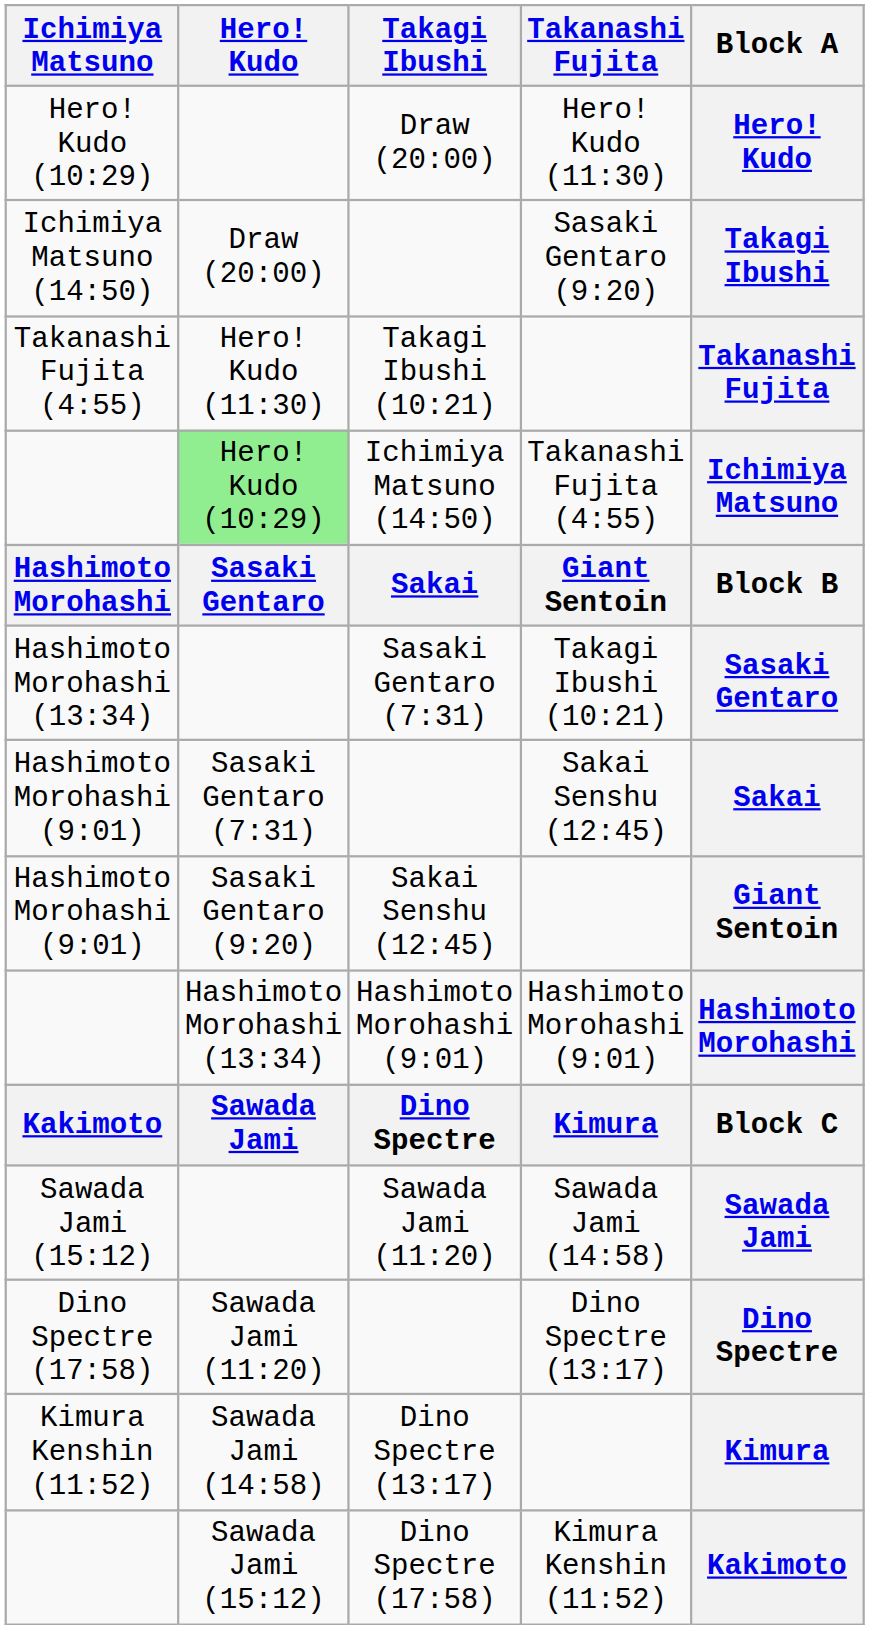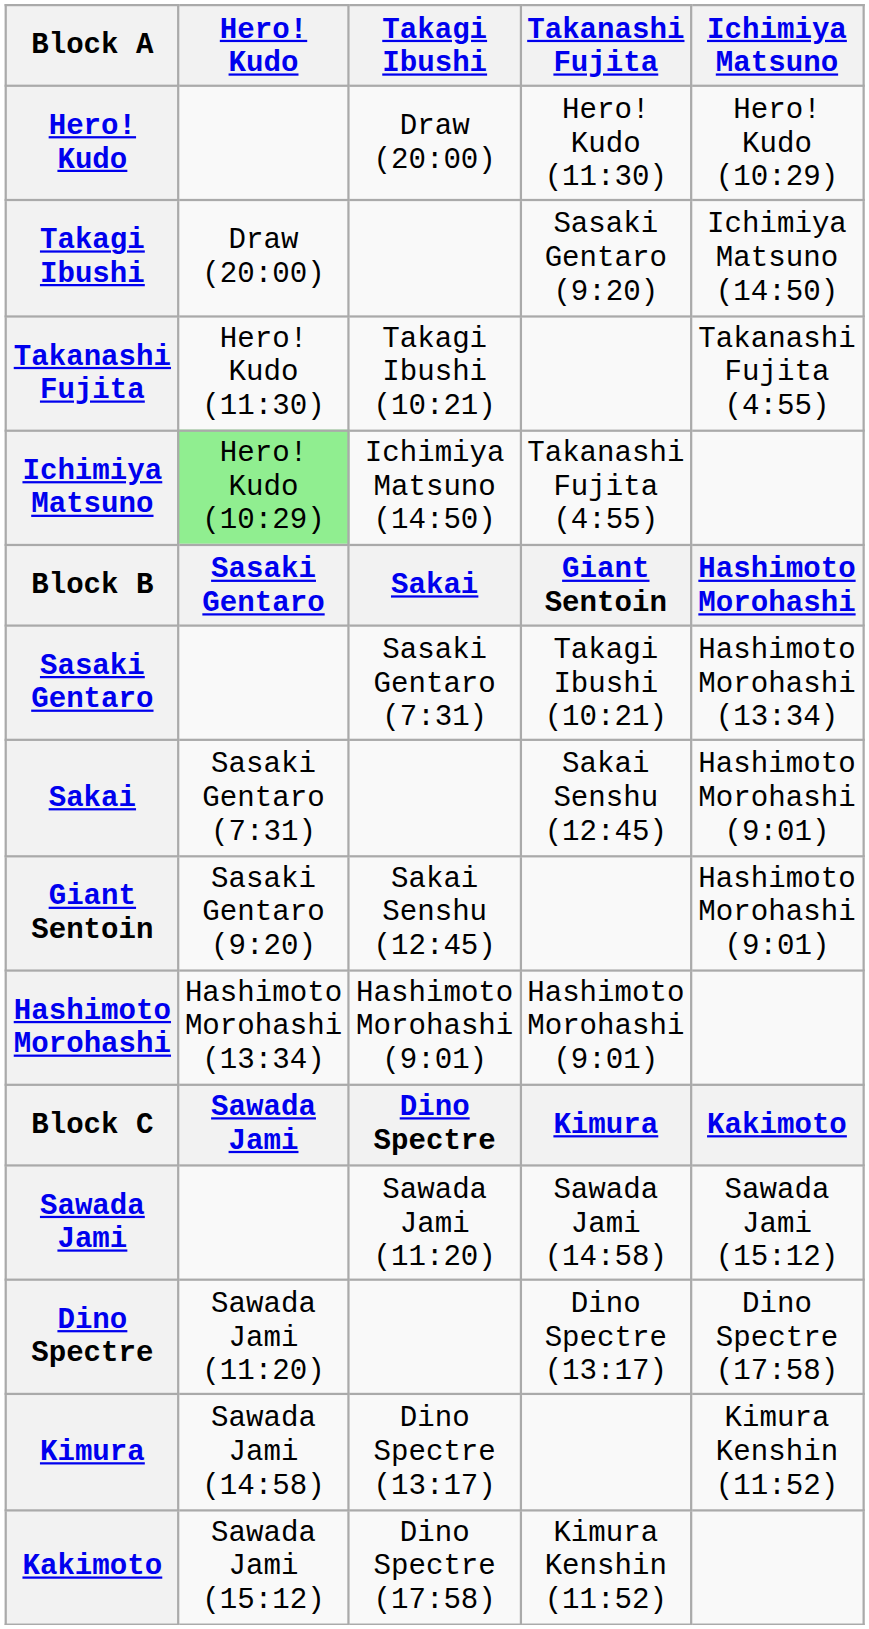 <table class="wikitable" style="margin: 1em auto 1em auto">
 <tr>
-<th><a href='#'>Ichimiya</a><br><a href='#'>Matsuno</a></th>
+<th>Block A</th>
 <th><a href='#'>Hero!</a><br><a href='#'>Kudo</a></th>
 <th><a href='#'>Takagi</a><br><a href='#'>Ibushi</a></th>
 <th><a href='#'>Takanashi</a><br><a href='#'>Fujita</a></th>
-<th>Block A</th>
+<th><a href='#'>Ichimiya</a><br><a href='#'>Matsuno</a></th>
 </tr>
 <tr align="center">
-<td>Hero!<br>Kudo<br>(10:29)</td>
+<th><a href='#'>Hero!</a><br><a href='#'>Kudo</a></th>
 <td></td>
 <td>Draw<br>(20:00)</td>
 <td>Hero!<br>Kudo<br>(11:30)</td>
-<th><a href='#'>Hero!</a><br><a href='#'>Kudo</a></th>
+<td>Hero!<br>Kudo<br>(10:29)</td>
 </tr>
 <tr align="center">
-<td>Ichimiya<br>Matsuno<br>(14:50)</td>
+<th><a href='#'>Takagi</a><br><a href='#'>Ibushi</a></th>
 <td>Draw<br>(20:00)</td>
 <td></td>
 <td>Sasaki<br>Gentaro<br>(9:20)</td>
-<th><a href='#'>Takagi</a><br><a href='#'>Ibushi</a></th>
+<td>Ichimiya<br>Matsuno<br>(14:50)</td>
 </tr>
 <tr align="center">
-<td>Takanashi<br>Fujita<br>(4:55)</td>
+<th><a href='#'>Takanashi</a><br><a href='#'>Fujita</a></th>
 <td>Hero!<br>Kudo<br>(11:30)</td>
 <td>Takagi<br>Ibushi<br>(10:21)</td>
 <td></td>
-<th><a href='#'>Takanashi</a><br><a href='#'>Fujita</a></th>
+<td>Takanashi<br>Fujita<br>(4:55)</td>
 </tr>
 <tr align="center">
-<td></td>
+<th><a href='#'>Ichimiya</a><br><a href='#'>Matsuno</a></th>
 <td style="background: lightgreen;">Hero!<br>Kudo<br>(10:29)</td>
 <td>Ichimiya<br>Matsuno<br>(14:50)</td>
 <td>Takanashi<br>Fujita<br>(4:55)</td>
-<th><a href='#'>Ichimiya</a><br><a href='#'>Matsuno</a></th>
+<td></td>
+</tr>
+<tr align="center">
+<th>Block B</th>
+<th><a href='#'>Sasaki</a><br><a href='#'>Gentaro</a></th>
+<th><a href='#'>Sakai</a><br></th>
+<th><a href='#'>Giant</a><br>Sentoin</th>
+<th><a href='#'>Hashimoto</a><br><a href='#'>Morohashi</a></th>
+</tr>
+<tr align="center">
+<th><a href='#'>Sasaki</a><br><a href='#'>Gentaro</a></th>
+<td></td>
+<td>Sasaki<br>Gentaro<br>(7:31)</td>
+<td>Takagi<br>Ibushi<br>(10:21)</td>
+<td>Hashimoto<br>Morohashi<br>(13:34)</td>
+</tr>
+<tr align="center">
+<th><a href='#'>Sakai</a><br></th>
+<td>Sasaki<br>Gentaro<br>(7:31)</td>
+<td></td>
+<td>Sakai<br>Senshu<br>(12:45)</td>
+<td>Hashimoto<br>Morohashi<br>(9:01)</td>
+</tr>
+<tr align="center">
+<th><a href='#'>Giant</a><br>Sentoin</th>
+<td>Sasaki<br>Gentaro<br>(9:20)</td>
+<td>Sakai<br>Senshu<br>(12:45)</td>
+<td></td>
+<td>Hashimoto<br>Morohashi<br>(9:01)</td>
 </tr>
 <tr align="center">
 <th><a href='#'>Hashimoto</a><br><a href='#'>Morohashi</a></th>
-<th><a href='#'>Sasaki</a><br><a href='#'>Gentaro</a></th>
-<th><a href='#'>Sakai</a><br></th>
-<th><a href='#'>Giant</a><br>Sentoin</th>
-<th>Block B</th>
-</tr>
-<tr align="center">
-<td>Hashimoto<br>Morohashi<br>(13:34)</td>
-<td></td>
-<td>Sasaki<br>Gentaro<br>(7:31)</td>
-<td>Takagi<br>Ibushi<br>(10:21)</td>
-<th><a href='#'>Sasaki</a><br><a href='#'>Gentaro</a></th>
-</tr>
-<tr align="center">
-<td>Hashimoto<br>Morohashi<br>(9:01)</td>
-<td>Sasaki<br>Gentaro<br>(7:31)</td>
-<td></td>
-<td>Sakai<br>Senshu<br>(12:45)</td>
-<th><a href='#'>Sakai</a><br></th>
-</tr>
-<tr align="center">
-<td>Hashimoto<br>Morohashi<br>(9:01)</td>
-<td>Sasaki<br>Gentaro<br>(9:20)</td>
-<td>Sakai<br>Senshu<br>(12:45)</td>
-<td></td>
-<th><a href='#'>Giant</a><br>Sentoin</th>
-</tr>
-<tr align="center">
-<td></td>
 <td>Hashimoto<br>Morohashi<br>(13:34)</td>
 <td>Hashimoto<br>Morohashi<br>(9:01)</td>
 <td>Hashimoto<br>Morohashi<br>(9:01)</td>
-<th><a href='#'>Hashimoto</a><br><a href='#'>Morohashi</a></th>
+<td></td>
 </tr>
 <tr>
-<th><a href='#'>Kakimoto</a><br></th>
+<th>Block C</th>
 <th><a href='#'>Sawada</a><br><a href='#'>Jami</a></th>
 <th><a href='#'>Dino</a><br>Spectre</th>
 <th><a href='#'>Kimura</a><br></th>
-<th>Block C</th>
+<th><a href='#'>Kakimoto</a><br></th>
 </tr>
 <tr align="center">
-<td>Sawada<br>Jami<br>(15:12)</td>
+<th><a href='#'>Sawada</a><br><a href='#'>Jami</a></th>
 <td></td>
 <td>Sawada<br>Jami<br>(11:20)</td>
 <td>Sawada<br>Jami<br>(14:58)</td>
-<th><a href='#'>Sawada</a><br><a href='#'>Jami</a></th>
+<td>Sawada<br>Jami<br>(15:12)</td>
 </tr>
 <tr align="center">
-<td>Dino<br>Spectre<br>(17:58)</td>
+<th><a href='#'>Dino</a><br>Spectre</th>
 <td>Sawada<br>Jami<br>(11:20)</td>
 <td></td>
 <td>Dino<br>Spectre<br>(13:17)</td>
-<th><a href='#'>Dino</a><br>Spectre</th>
+<td>Dino<br>Spectre<br>(17:58)</td>
 </tr>
 <tr align="center">
-<td>Kimura<br>Kenshin<br>(11:52)</td>
+<th><a href='#'>Kimura</a><br></th>
 <td>Sawada<br>Jami<br>(14:58)</td>
 <td>Dino<br>Spectre<br>(13:17)</td>
 <td></td>
-<th><a href='#'>Kimura</a><br></th>
+<td>Kimura<br>Kenshin<br>(11:52)</td>
 </tr>
 <tr align="center">
-<td></td>
+<th><a href='#'>Kakimoto</a><br></th>
 <td>Sawada<br>Jami<br>(15:12)</td>
 <td>Dino<br>Spectre<br>(17:58)</td>
 <td>Kimura<br>Kenshin<br>(11:52)</td>
-<th><a href='#'>Kakimoto</a><br></th>
+<td></td>
 </tr>
 </table>
